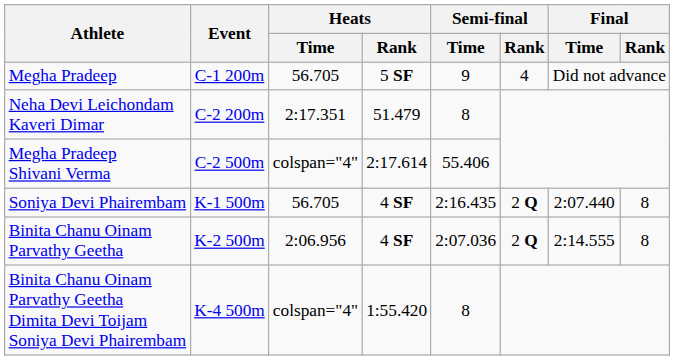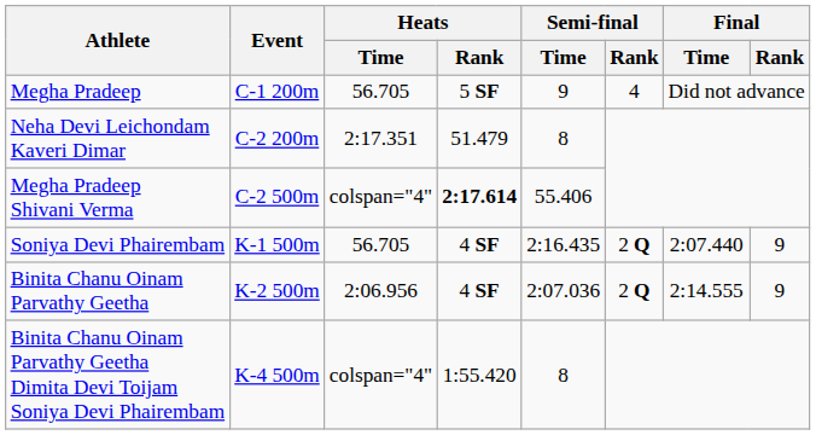 <table class=wikitable style="text-align:center; font-size:90%">
 <tr>
 <th rowspan="2">Athlete</th>
 <th rowspan="2">Event</th>
 <th colspan="2">Heats</th>
 <th colspan="2">Semi-final</th>
 <th colspan="2">Final</th>
 </tr>
 <tr>
 <th>Time</th>
 <th>Rank</th>
 <th>Time</th>
 <th>Rank</th>
 <th>Time</th>
 <th>Rank</th>
 </tr>
 <tr>
 <td style="text-align:left"><a href='#'>Megha Pradeep</a></td>
 <td><a href='#'>C-1 200m</a></td>
 <td>56.705</td>
 <td>5 <strong>SF</strong></td>
 <td>9</td>
 <td>4</td>
 <td colspan="2">Did not advance</td>
 </tr>
 <tr>
 <td style="text-align:left"><a href='#'>Neha Devi Leichondam</a><br><a href='#'>Kaveri Dimar</a></td>
 <td><a href='#'>C-2 200m</a></td>
 <td>2:17.351</td>
 <td>51.479</td>
 <td>8</td>
 </tr>
 <tr>
 <td style="text-align:left"><a href='#'>Megha Pradeep</a><br><a href='#'>Shivani Verma</a></td>
 <td><a href='#'>C-2 500m</a></td>
 <td>colspan="4" </td>
-<td>2:17.614</td>
+<td><strong>2:17.614</strong></td>
 <td>55.406</td>
 </tr>
 <tr>
 <td style="text-align:left"><a href='#'>Soniya Devi Phairembam</a></td>
 <td><a href='#'>K-1 500m</a></td>
 <td>56.705</td>
 <td>4 <strong>SF</strong></td>
 <td>2:16.435</td>
 <td>2 <strong>Q</strong></td>
 <td>2:07.440</td>
-<td>8</td>
+<td>9</td>
 </tr>
 <tr>
 <td style="text-align:left"><a href='#'>Binita Chanu Oinam</a><br><a href='#'>Parvathy Geetha</a></td>
 <td><a href='#'>K-2 500m</a></td>
 <td>2:06.956</td>
 <td>4 <strong>SF</strong></td>
 <td>2:07.036</td>
 <td>2 <strong>Q</strong></td>
 <td>2:14.555</td>
-<td>8</td>
+<td>9</td>
 </tr>
 <tr>
 <td style="text-align:left"><a href='#'>Binita Chanu Oinam</a><br><a href='#'>Parvathy Geetha</a><br><a href='#'>Dimita Devi Toijam</a><br><a href='#'>Soniya Devi Phairembam</a></td>
 <td><a href='#'>K-4 500m</a></td>
 <td>colspan="4" </td>
 <td>1:55.420</td>
 <td>8</td>
 </tr>
 </table>
